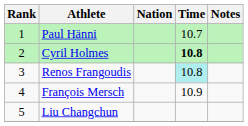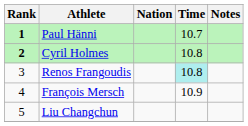 <table class="wikitable sortable" style="text-align:center">
 <tr>
 <th>Rank</th>
 <th>Athlete</th>
 <th>Nation</th>
 <th>Time</th>
 <th>Notes</th>
 </tr>
 <tr bgcolor=bbf3bb>
-<td>1</td>
+<td><strong>1</strong></td>
 <td align=left><a href='#'>Paul Hänni</a></td>
 <td align=left></td>
 <td>10.7</td>
 <td></td>
 </tr>
 <tr bgcolor=bbf3bb>
-<td>2</td>
+<td><strong>2</strong></td>
 <td align=left><a href='#'>Cyril Holmes</a></td>
 <td align=left></td>
-<td><strong>10.8</strong></td>
+<td>10.8</td>
 <td></td>
 </tr>
 <tr>
 <td>3</td>
 <td align=left><a href='#'>Renos Frangoudis</a></td>
 <td align=left></td>
 <td style="background: paleturquoise;">10.8</td>
 <td></td>
 </tr>
 <tr>
 <td>4</td>
 <td align=left><a href='#'>François Mersch</a></td>
 <td align=left></td>
 <td>10.9</td>
 <td></td>
 </tr>
 <tr>
 <td>5</td>
 <td align=left><a href='#'>Liu Changchun</a></td>
 <td align=left></td>
 <td></td>
 <td></td>
 </tr>
 <tr>
 </tr>
 </table>
